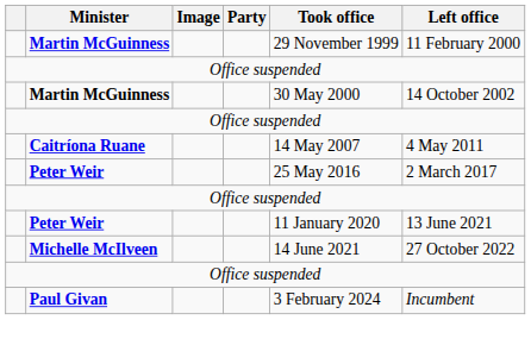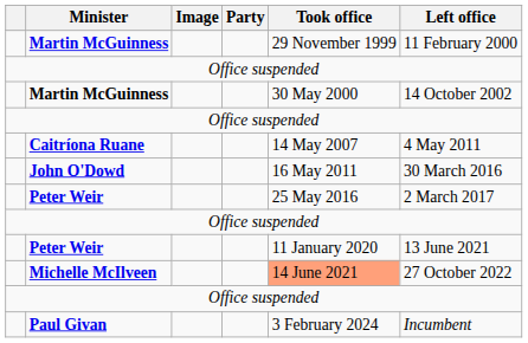 <table class="wikitable" style="margin: 1em auto 1em auto">
 <tr bgcolor=cccccc>
 <th></th>
 <th>Minister</th>
 <th>Image</th>
 <th>Party</th>
 <th>Took office</th>
 <th>Left office</th>
 </tr>
 <tr>
 <td style="background:">   </td>
 <td><strong><a href='#'>Martin McGuinness</a></strong></td>
 <td></td>
 <td></td>
 <td>29 November 1999</td>
 <td>11 February 2000</td>
 </tr>
 <tr>
 <td colspan="6" align="center"><em>Office suspended</em></td>
 </tr>
 <tr>
 <td style="background:">   </td>
 <td><strong>Martin McGuinness</strong></td>
 <td></td>
 <td></td>
 <td>30 May 2000</td>
 <td>14 October 2002</td>
 </tr>
 <tr>
 <td colspan="6" align="center"><em>Office suspended</em></td>
 </tr>
 <tr>
 <td style="background:">   </td>
 <td><strong><a href='#'>Caitríona Ruane</a></strong></td>
 <td></td>
 <td></td>
 <td>14 May 2007</td>
 <td>4 May 2011</td>
 </tr>
 <tr>
 <td style="background:">   </td>
+<td><strong><a href='#'>John O'Dowd</a></strong></td>
+<td></td>
+<td></td>
+<td>16 May 2011</td>
+<td>30 March 2016</td>
+</tr>
+<tr>
+<td style="background:">   </td>
 <td><strong><a href='#'>Peter Weir</a></strong></td>
 <td></td>
 <td></td>
 <td>25 May 2016</td>
 <td>2 March 2017</td>
 </tr>
 <tr>
 <td colspan="6" align="center"><em>Office suspended</em></td>
 </tr>
 <tr>
 <td style="background:">   </td>
 <td><strong><a href='#'>Peter Weir</a></strong></td>
 <td></td>
 <td></td>
 <td>11 January 2020</td>
 <td>13 June 2021</td>
 </tr>
 <tr>
 <td style="background:">   </td>
 <td><strong><a href='#'>Michelle McIlveen</a></strong></td>
 <td></td>
 <td></td>
-<td>14 June 2021</td>
+<td style="background: lightsalmon;">14 June 2021</td>
 <td>27 October 2022</td>
 </tr>
 <tr>
 <td colspan="6" align="center"><em>Office suspended</em></td>
 </tr>
 <tr>
 <td style="background:">   </td>
 <td><strong><a href='#'>Paul Givan</a></strong></td>
 <td></td>
 <td></td>
 <td>3 February 2024</td>
 <td><em>Incumbent</em></td>
 </tr>
 </table>
